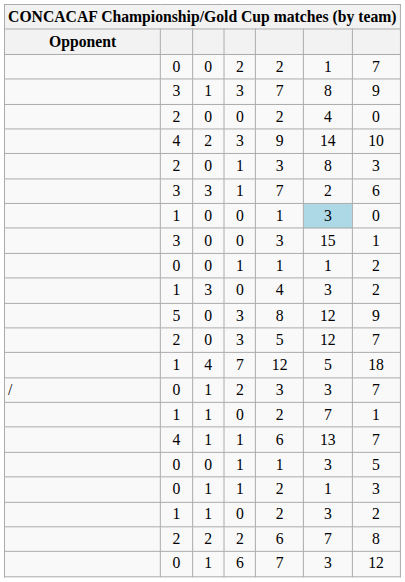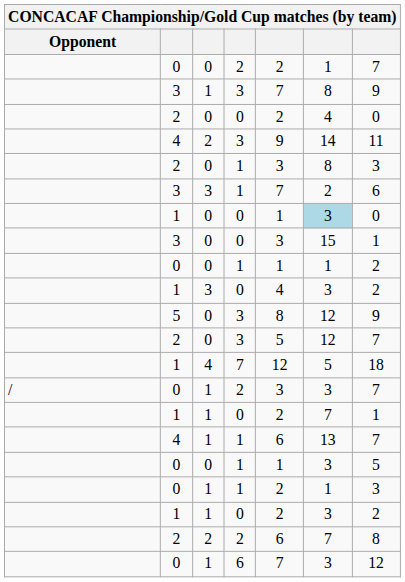 <table class="wikitable sortable" style="text-align: center;">
 <tr>
 <th colspan=7>CONCACAF Championship/Gold Cup matches (by team)</th>
 </tr>
 <tr>
 <th>Opponent</th>
 <th></th>
 <th></th>
 <th></th>
 <th></th>
 <th></th>
 <th></th>
 </tr>
 <tr>
 <td align="left"></td>
 <td>0</td>
 <td>0</td>
 <td>2</td>
 <td>2</td>
 <td>1</td>
 <td>7</td>
 </tr>
 <tr>
 <td align="left"></td>
 <td>3</td>
 <td>1</td>
 <td>3</td>
 <td>7</td>
 <td>8</td>
 <td>9</td>
 </tr>
 <tr>
 <td align="left"></td>
 <td>2</td>
 <td>0</td>
 <td>0</td>
 <td>2</td>
 <td>4</td>
 <td>0</td>
 </tr>
 <tr>
 <td align="left"></td>
 <td>4</td>
 <td>2</td>
 <td>3</td>
 <td>9</td>
 <td>14</td>
-<td>10</td>
+<td>11</td>
 </tr>
 <tr>
 <td align="left"></td>
 <td>2</td>
 <td>0</td>
 <td>1</td>
 <td>3</td>
 <td>8</td>
 <td>3</td>
 </tr>
 <tr>
 <td align="left"></td>
 <td>3</td>
 <td>3</td>
 <td>1</td>
 <td>7</td>
 <td>2</td>
 <td>6</td>
 </tr>
 <tr>
 <td align="left"></td>
 <td>1</td>
 <td>0</td>
 <td>0</td>
 <td>1</td>
 <td style="background: lightblue;">3</td>
 <td>0</td>
 </tr>
 <tr>
 <td align="left"></td>
 <td>3</td>
 <td>0</td>
 <td>0</td>
 <td>3</td>
 <td>15</td>
 <td>1</td>
 </tr>
 <tr>
 <td align="left"></td>
 <td>0</td>
 <td>0</td>
 <td>1</td>
 <td>1</td>
 <td>1</td>
 <td>2</td>
 </tr>
 <tr>
 <td align="left"></td>
 <td>1</td>
 <td>3</td>
 <td>0</td>
 <td>4</td>
 <td>3</td>
 <td>2</td>
 </tr>
 <tr>
 <td align="left"></td>
 <td>5</td>
 <td>0</td>
 <td>3</td>
 <td>8</td>
 <td>12</td>
 <td>9</td>
 </tr>
 <tr>
 <td align="left"></td>
 <td>2</td>
 <td>0</td>
 <td>3</td>
 <td>5</td>
 <td>12</td>
 <td>7</td>
 </tr>
 <tr>
 <td align="left"></td>
 <td>1</td>
 <td>4</td>
 <td>7</td>
 <td>12</td>
 <td>5</td>
 <td>18</td>
 </tr>
 <tr>
 <td align="left"> / </td>
 <td>0</td>
 <td>1</td>
 <td>2</td>
 <td>3</td>
 <td>3</td>
 <td>7</td>
 </tr>
 <tr>
 <td align="left"></td>
 <td>1</td>
 <td>1</td>
 <td>0</td>
 <td>2</td>
 <td>7</td>
 <td>1</td>
 </tr>
 <tr>
 <td align="left"></td>
 <td>4</td>
 <td>1</td>
 <td>1</td>
 <td>6</td>
 <td>13</td>
 <td>7</td>
 </tr>
 <tr>
 <td align="left"></td>
 <td>0</td>
 <td>0</td>
 <td>1</td>
 <td>1</td>
 <td>3</td>
 <td>5</td>
 </tr>
 <tr>
 <td align="left"></td>
 <td>0</td>
 <td>1</td>
 <td>1</td>
 <td>2</td>
 <td>1</td>
 <td>3</td>
 </tr>
 <tr>
 <td align="left"></td>
 <td>1</td>
 <td>1</td>
 <td>0</td>
 <td>2</td>
 <td>3</td>
 <td>2</td>
 </tr>
 <tr>
 <td align="left"></td>
 <td>2</td>
 <td>2</td>
 <td>2</td>
 <td>6</td>
 <td>7</td>
 <td>8</td>
 </tr>
 <tr>
 <td align="left"></td>
 <td>0</td>
 <td>1</td>
 <td>6</td>
 <td>7</td>
 <td>3</td>
 <td>12</td>
 </tr>
 </table>
